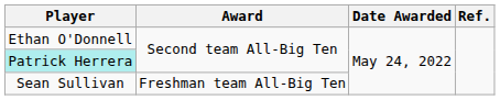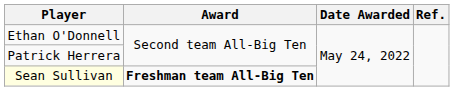 <table class="wikitable sortable sortable" style="text-align: center">
 <tr align=center>
 <th>Player</th>
 <th>Award</th>
 <th>Date Awarded</th>
 <th>Ref.</th>
 </tr>
 <tr>
 <td>Ethan O'Donnell</td>
 <td rowspan="2">Second team All-Big Ten</td>
 <td rowspan="7">May 24, 2022</td>
 <td rowspan="7"></td>
 </tr>
 <tr>
-<td style="background: paleturquoise;">Patrick Herrera</td>
+<td>Patrick Herrera</td>
 </tr>
 <tr>
-<td>Sean Sullivan</td>
-<td rowspan="1">Freshman team All-Big Ten</td>
+<td style="background: lightyellow;">Sean Sullivan</td>
+<td rowspan="1"><strong>Freshman team All-Big Ten</strong></td>
 </tr>
 </table>
